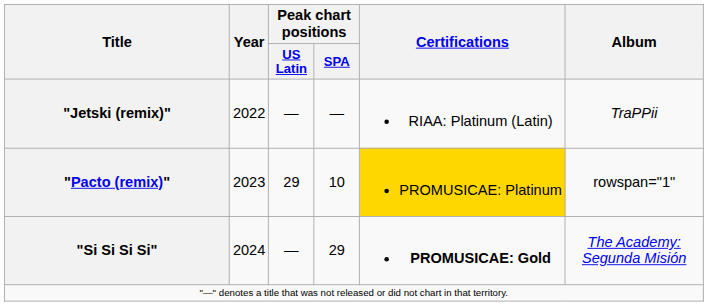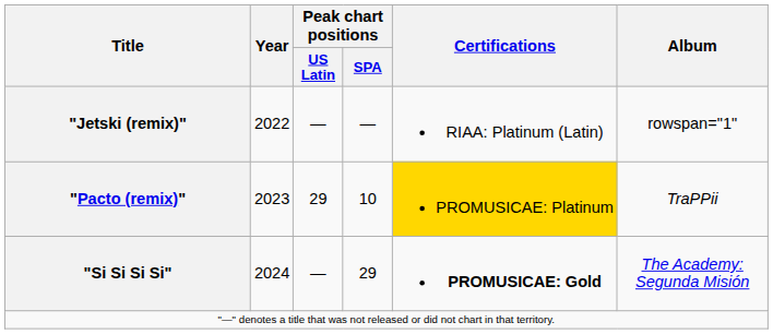 <table class="wikitable plainrowheaders" style="text-align:center;">
 <tr>
 <th scope="col" rowspan="2" style="width:15em;">Title</th>
 <th scope="col" rowspan="2" style="width:1em;">Year</th>
 <th scope="col" colspan="2">Peak chart positions</th>
 <th scope="col" rowspan="2"><a href='#'>Certifications</a></th>
 <th scope="col" rowspan="2" style="width:9em;">Album</th>
 </tr>
 <tr>
 <th scope="col" style="width:3em;font-size:90%;"><a href='#'>US<br>Latin</a><br></th>
 <th scope="col" style="width:3em;font-size:90%;"><a href='#'>SPA</a><br></th>
 </tr>
 <tr>
 <th scope="row">"Jetski (remix)"<br></th>
 <td>2022</td>
 <td>—</td>
 <td>—</td>
 <td><br><ul><li>RIAA: Platinum <span>(Latin)</span></li></ul></td>
-<td><em>TraPPii</em></td>
+<td>rowspan="1" </td>
 </tr>
 <tr>
 <th scope="row">"<a href='#'>Pacto (remix)</a>"<br></th>
 <td>2023</td>
 <td>29</td>
 <td>10</td>
 <td style="background: gold;"><br><ul><li>PROMUSICAE: Platinum</li></ul></td>
-<td>rowspan="1" </td>
+<td><em>TraPPii</em></td>
 </tr>
 <tr>
 <th scope="row">"Si Si Si Si"<br></th>
 <td>2024</td>
 <td>—</td>
 <td>29</td>
 <td><strong><br><ul><li>PROMUSICAE: Gold</li></ul></strong></td>
 <td><em><a href='#'>The Academy: Segunda Misión</a></em></td>
 </tr>
 <tr>
 <td colspan="14" style="font-size:8pt;">"—" denotes a title that was not released or did not chart in that territory.</td>
 </tr>
 </table>
